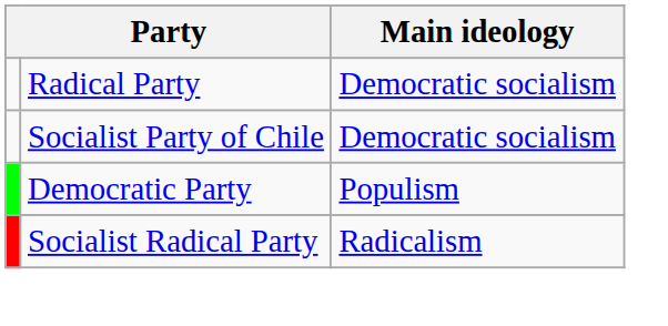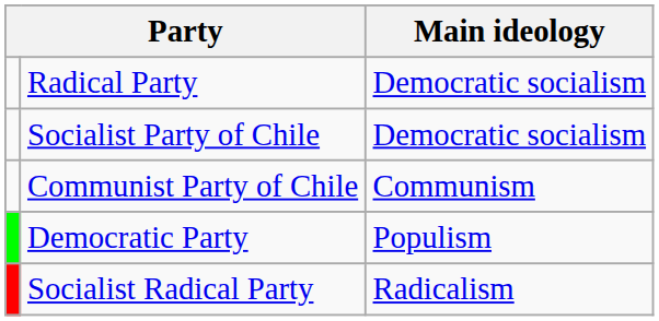 <table class="wikitable" style="font-size:95%">
 <tr>
 <th colspan=2>Party</th>
 <th>Main ideology</th>
 </tr>
 <tr>
 <td></td>
 <td><a href='#'>Radical Party</a></td>
 <td><a href='#'>Democratic socialism</a></td>
 </tr>
 <tr>
 <td></td>
 <td><a href='#'>Socialist Party of Chile</a></td>
 <td><a href='#'>Democratic socialism</a></td>
 </tr>
 <tr>
+<td></td>
+<td><a href='#'>Communist Party of Chile</a></td>
+<td><a href='#'>Communism</a></td>
+</tr>
+<tr>
 <td style="color:inherit;background:#00FF00"></td>
 <td><a href='#'>Democratic Party</a></td>
 <td><a href='#'>Populism</a></td>
 </tr>
 <tr>
 <td bgcolor="red"></td>
 <td><a href='#'>Socialist Radical Party</a></td>
 <td><a href='#'>Radicalism</a></td>
 </tr>
 </table>
